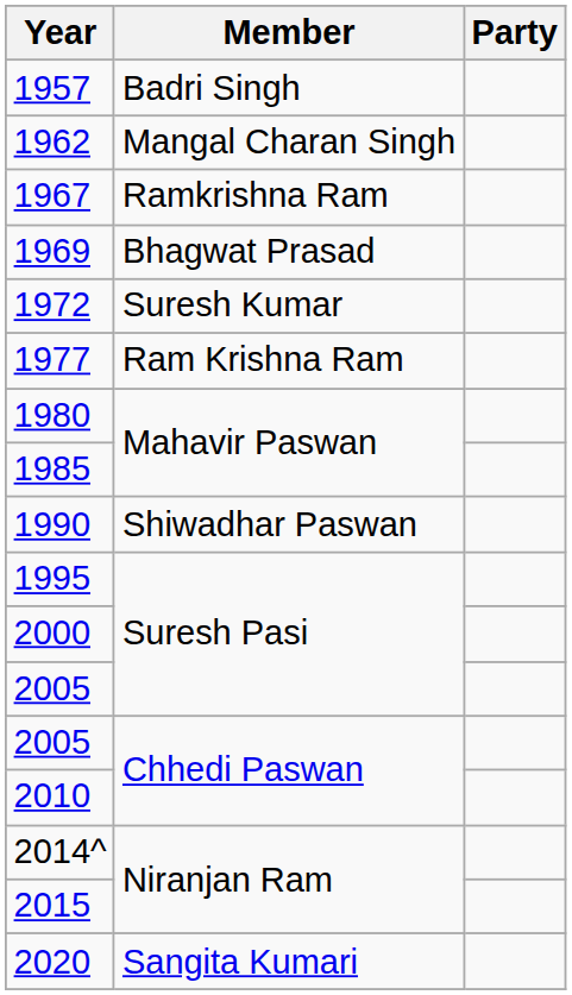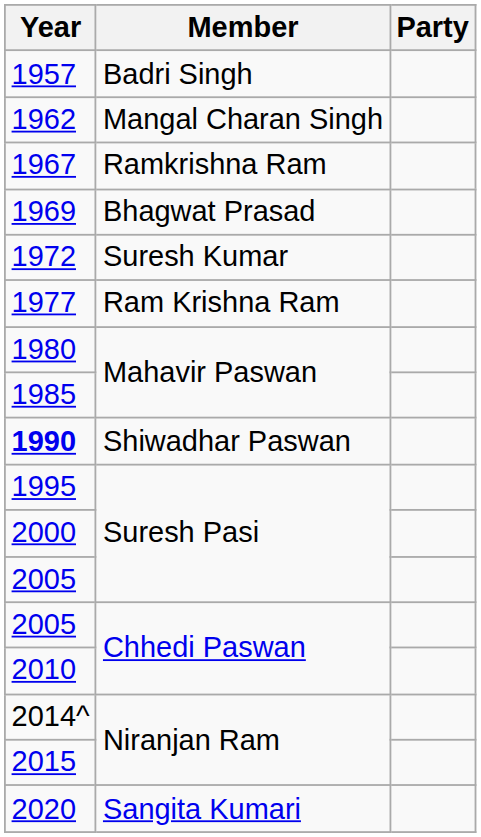 <table class="wikitable sortable">
 <tr>
 <th>Year</th>
 <th>Member</th>
 <th colspan="2">Party</th>
 </tr>
 <tr>
 <td><a href='#'>1957</a></td>
 <td>Badri Singh</td>
 <td></td>
 </tr>
 <tr>
 <td><a href='#'>1962</a></td>
 <td>Mangal Charan Singh</td>
 <td></td>
 </tr>
 <tr>
 <td><a href='#'>1967</a></td>
 <td>Ramkrishna Ram</td>
 </tr>
 <tr>
 <td><a href='#'>1969</a></td>
 <td>Bhagwat Prasad</td>
 <td></td>
 </tr>
 <tr>
 <td><a href='#'>1972</a></td>
 <td>Suresh Kumar</td>
 <td></td>
 </tr>
 <tr>
 <td><a href='#'>1977</a></td>
 <td>Ram Krishna Ram</td>
 <td></td>
 </tr>
 <tr>
 <td><a href='#'>1980</a></td>
 <td rowspan="2">Mahavir Paswan</td>
 <td></td>
 </tr>
 <tr>
 <td><a href='#'>1985</a></td>
 <td></td>
 </tr>
 <tr>
-<td><a href='#'>1990</a></td>
+<td><strong><a href='#'>1990</a></strong></td>
 <td>Shiwadhar Paswan</td>
 <td></td>
 </tr>
 <tr>
 <td><a href='#'>1995</a></td>
 <td rowspan="3">Suresh Pasi</td>
 <td></td>
 </tr>
 <tr>
 <td><a href='#'>2000</a></td>
 </tr>
 <tr>
 <td><a href='#'>2005</a></td>
 <td></td>
 </tr>
 <tr>
 <td><a href='#'>2005</a></td>
 <td rowspan="2"><a href='#'>Chhedi Paswan</a></td>
 <td></td>
 </tr>
 <tr>
 <td><a href='#'>2010</a></td>
 </tr>
 <tr>
 <td>2014^</td>
 <td rowspan="2">Niranjan Ram</td>
 <td></td>
 </tr>
 <tr>
 <td><a href='#'>2015</a></td>
 </tr>
 <tr>
 <td><a href='#'>2020</a></td>
 <td><a href='#'>Sangita Kumari</a></td>
 <td></td>
 </tr>
 </table>
